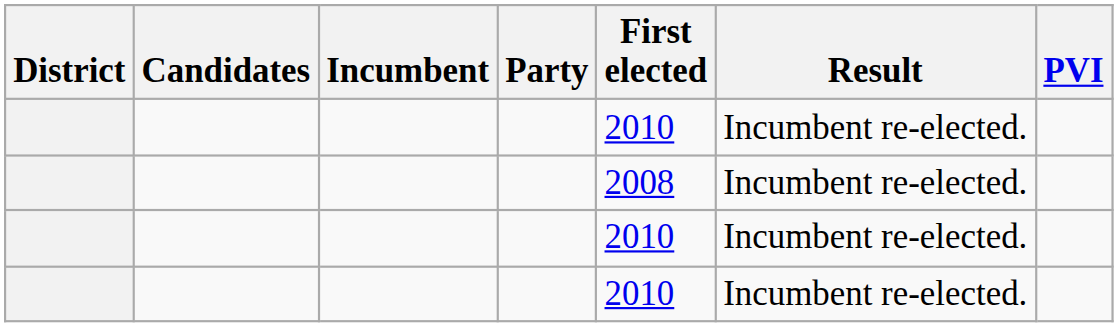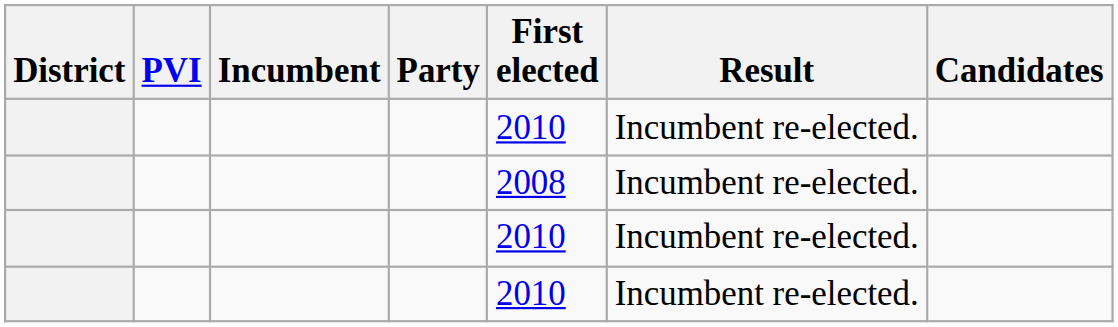 <table class="wikitable sortable">
 <tr valign=bottom>
 <th>District</th>
-<th>Candidates</th>
+<th><a href='#'>PVI</a></th>
 <th>Incumbent</th>
 <th>Party</th>
 <th>First<br>elected</th>
 <th>Result</th>
-<th><a href='#'>PVI</a></th>
+<th>Candidates</th>
 </tr>
 <tr>
 <th></th>
-<td nowrap></td>
+<td></td>
 <td></td>
 <td></td>
 <td><a href='#'>2010</a></td>
 <td>Incumbent re-elected.</td>
-<td></td>
+<td nowrap></td>
 </tr>
 <tr>
 <th></th>
-<td nowrap></td>
+<td></td>
 <td></td>
 <td></td>
 <td><a href='#'>2008</a></td>
 <td>Incumbent re-elected.</td>
-<td></td>
+<td nowrap></td>
 </tr>
 <tr>
 <th></th>
-<td nowrap></td>
+<td></td>
 <td></td>
 <td></td>
 <td><a href='#'>2010</a></td>
 <td>Incumbent re-elected.</td>
-<td></td>
+<td nowrap></td>
 </tr>
 <tr>
 <th></th>
-<td nowrap></td>
+<td></td>
 <td></td>
 <td></td>
 <td><a href='#'>2010</a></td>
 <td>Incumbent re-elected.</td>
-<td></td>
+<td nowrap></td>
 </tr>
 </table>
